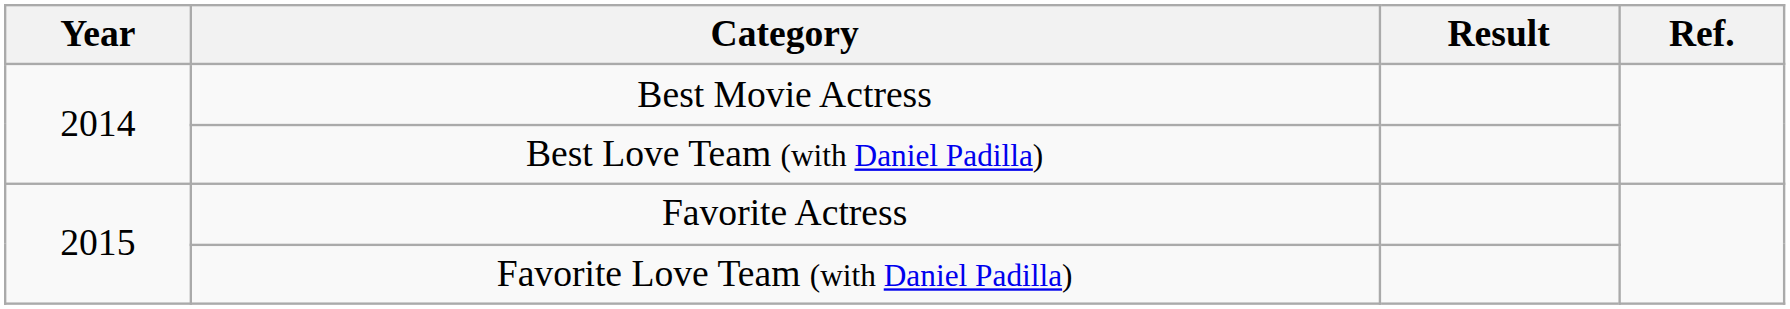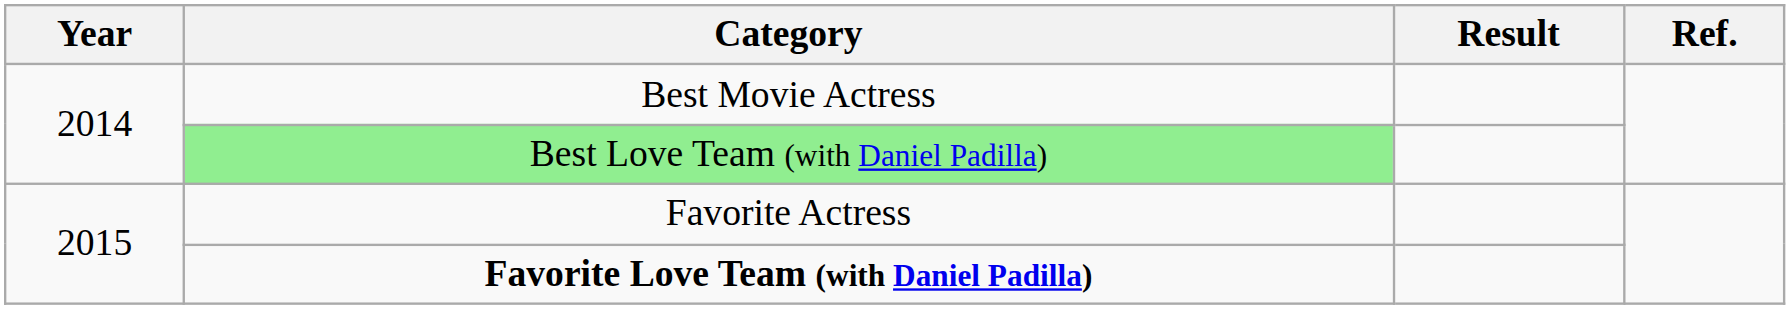 <table class="wikitable sortable"  style="text-align:center; width:60%;">
 <tr>
 <th>Year</th>
 <th>Category</th>
 <th>Result</th>
 <th>Ref.</th>
 </tr>
 <tr>
 <td rowspan=2>2014</td>
 <td>Best Movie Actress</td>
 <td></td>
 <td rowspan=2></td>
 </tr>
 <tr>
-<td>Best Love Team <small>(with <a href='#'>Daniel Padilla</a>)</small></td>
+<td style="background: lightgreen;">Best Love Team <small>(with <a href='#'>Daniel Padilla</a>)</small></td>
 <td></td>
 </tr>
 <tr>
 <td rowspan=2>2015</td>
 <td>Favorite Actress</td>
 <td></td>
 <td rowspan=2></td>
 </tr>
 <tr>
-<td>Favorite Love Team <small>(with <a href='#'>Daniel Padilla</a>)</small></td>
+<td><strong>Favorite Love Team <small>(with <a href='#'>Daniel Padilla</a>)</small></strong></td>
 <td></td>
 </tr>
 </table>
